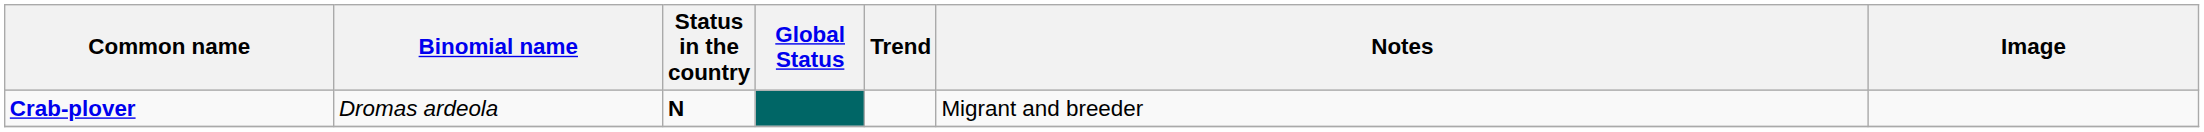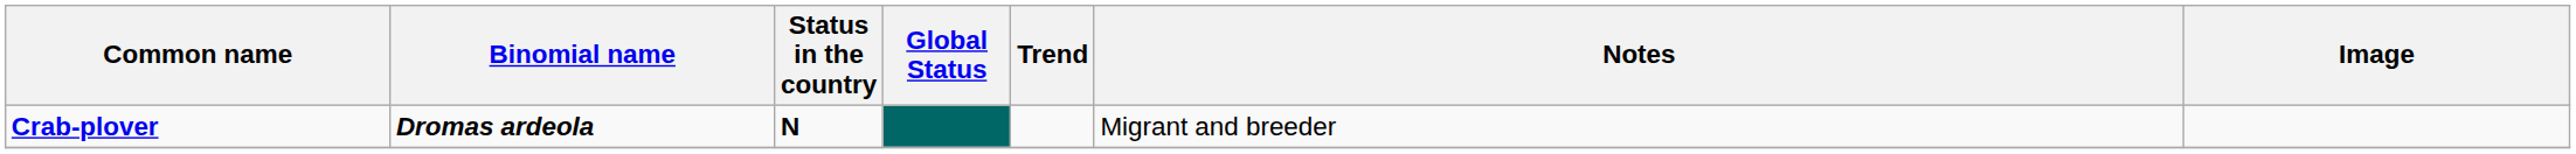 <table class="wikitable sortable">
 <tr>
 <th width="15%">Common name</th>
 <th width="15%"><a href='#'>Binomial name</a></th>
 <th data-sort-type="number" width="1%">Status in the country</th>
 <th width="5%"><a href='#'>Global Status</a></th>
 <th width="1%">Trend</th>
 <th class="unsortable">Notes</th>
 <th class="unsortable">Image</th>
 </tr>
 <tr>
 <td><strong><a href='#'>Crab-plover</a></strong></td>
-<td><em>Dromas ardeola</em></td>
+<td><strong><em>Dromas ardeola</em></strong></td>
 <td><strong>N</strong></td>
 <td align=center style="background: #006666"></td>
 <td align=center></td>
 <td>Migrant and breeder</td>
 <td></td>
 </tr>
 <tr>
 </tr>
 </table>
